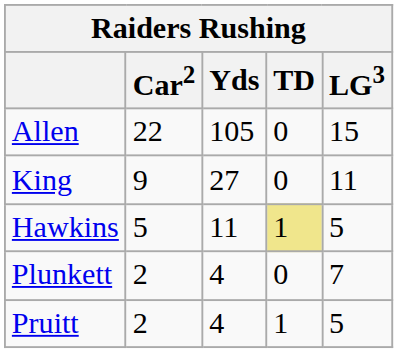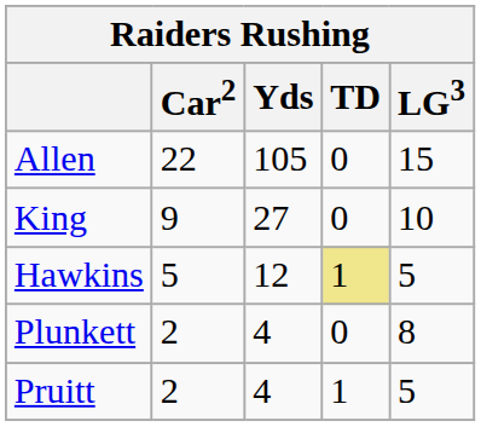 <table class="wikitable">
 <tr>
 <th colspan="5">Raiders Rushing</th>
 </tr>
 <tr>
 <th></th>
 <th>Car<sup>2</sup></th>
 <th>Yds</th>
 <th>TD</th>
 <th>LG<sup>3</sup></th>
 </tr>
 <tr>
 <td><a href='#'>Allen</a></td>
 <td>22</td>
 <td>105</td>
 <td>0</td>
 <td>15</td>
 </tr>
 <tr>
 <td><a href='#'>King</a></td>
 <td>9</td>
 <td>27</td>
 <td>0</td>
-<td>11</td>
+<td>10</td>
 </tr>
 <tr>
 <td><a href='#'>Hawkins</a></td>
 <td>5</td>
-<td>11</td>
+<td>12</td>
 <td style="background: khaki;">1</td>
 <td>5</td>
 </tr>
 <tr>
 <td><a href='#'>Plunkett</a></td>
 <td>2</td>
 <td>4</td>
 <td>0</td>
-<td>7</td>
+<td>8</td>
 </tr>
 <tr>
 <td><a href='#'>Pruitt</a></td>
 <td>2</td>
 <td>4</td>
 <td>1</td>
 <td>5</td>
 </tr>
 </table>
